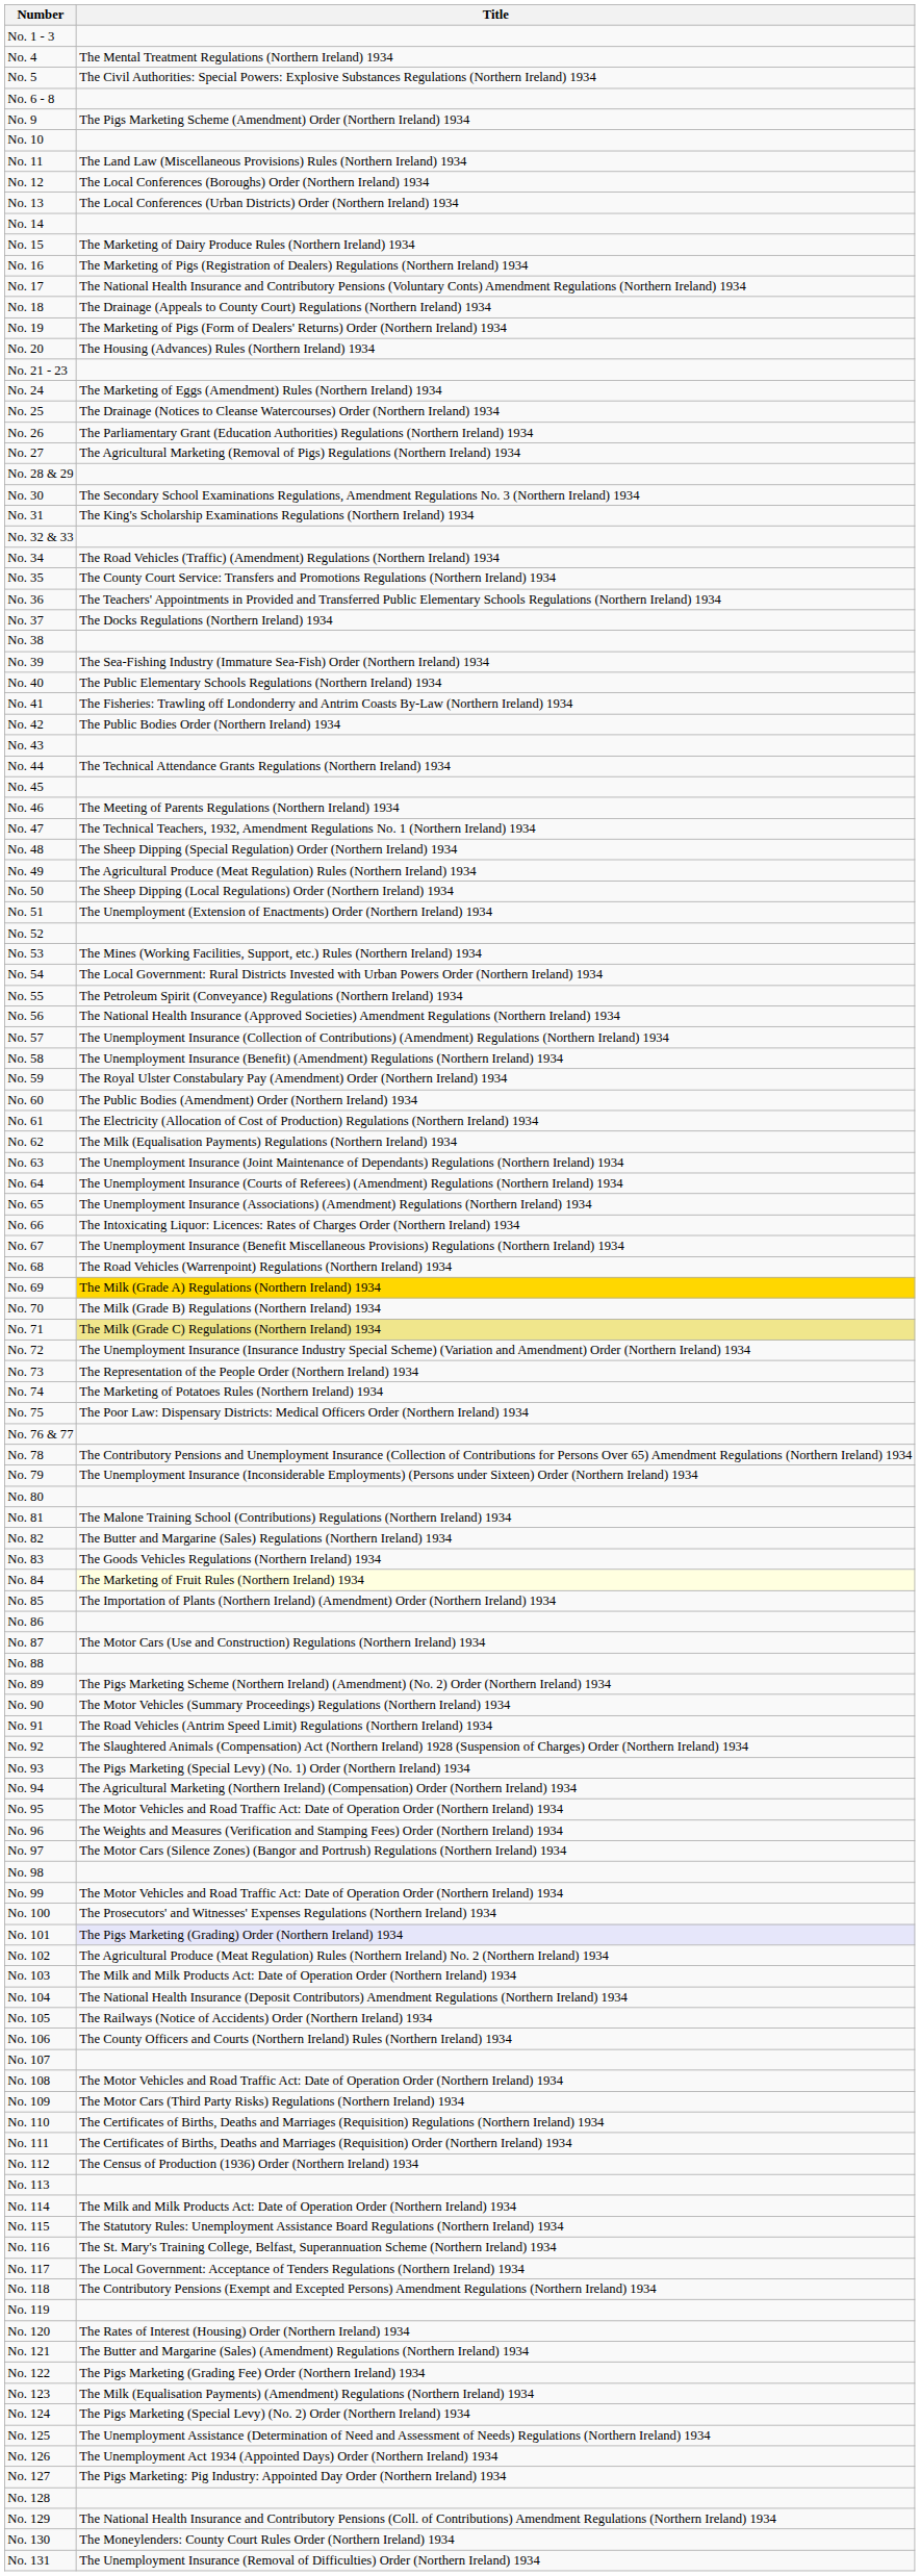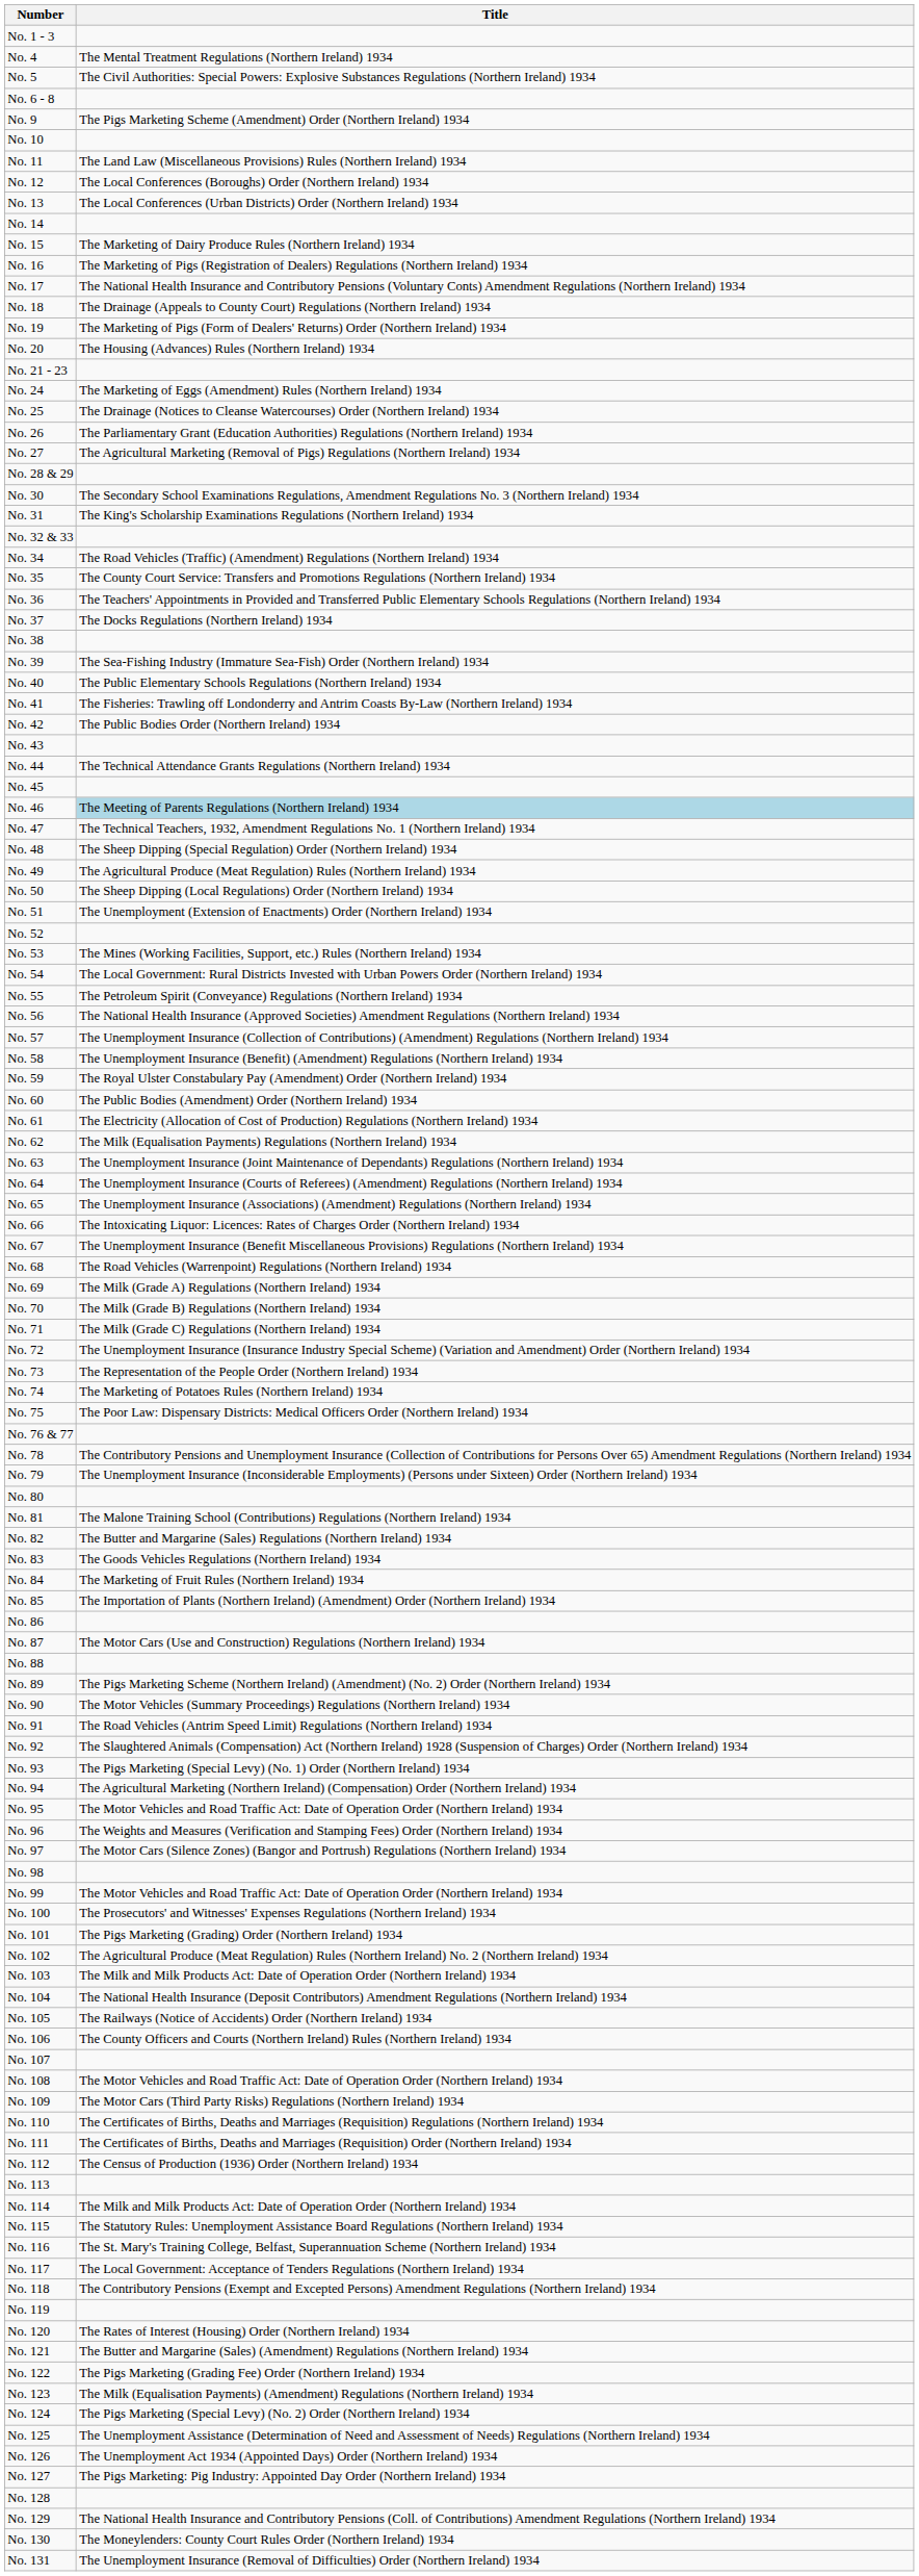 <table class="wikitable collapsible">
 <tr>
 <th>Number</th>
 <th>Title</th>
 </tr>
 <tr>
 <td>No. 1 - 3</td>
 <td></td>
 </tr>
 <tr>
 <td>No. 4</td>
 <td>The Mental Treatment Regulations (Northern Ireland) 1934</td>
 </tr>
 <tr>
 <td>No. 5</td>
 <td>The Civil Authorities: Special Powers: Explosive Substances Regulations (Northern Ireland) 1934</td>
 </tr>
 <tr>
 <td>No. 6 - 8</td>
 <td></td>
 </tr>
 <tr>
 <td>No. 9</td>
 <td>The Pigs Marketing Scheme (Amendment) Order (Northern Ireland) 1934</td>
 </tr>
 <tr>
 <td>No. 10</td>
 <td></td>
 </tr>
 <tr>
 <td>No. 11</td>
 <td>The Land Law (Miscellaneous Provisions) Rules (Northern Ireland) 1934</td>
 </tr>
 <tr>
 <td>No. 12</td>
 <td>The Local Conferences (Boroughs) Order (Northern Ireland) 1934</td>
 </tr>
 <tr>
 <td>No. 13</td>
 <td>The Local Conferences (Urban Districts) Order (Northern Ireland) 1934</td>
 </tr>
 <tr>
 <td>No. 14</td>
 <td></td>
 </tr>
 <tr>
 <td>No. 15</td>
 <td>The Marketing of Dairy Produce Rules (Northern Ireland) 1934</td>
 </tr>
 <tr>
 <td>No. 16</td>
 <td>The Marketing of Pigs (Registration of Dealers) Regulations (Northern Ireland) 1934</td>
 </tr>
 <tr>
 <td>No. 17</td>
 <td>The National Health Insurance and Contributory Pensions (Voluntary Conts) Amendment Regulations (Northern Ireland) 1934</td>
 </tr>
 <tr>
 <td>No. 18</td>
 <td>The Drainage (Appeals to County Court) Regulations (Northern Ireland) 1934</td>
 </tr>
 <tr>
 <td>No. 19</td>
 <td>The Marketing of Pigs (Form of Dealers' Returns) Order (Northern Ireland) 1934</td>
 </tr>
 <tr>
 <td>No. 20</td>
 <td>The Housing (Advances) Rules (Northern Ireland) 1934</td>
 </tr>
 <tr>
 <td>No. 21 - 23</td>
 <td></td>
 </tr>
 <tr>
 <td>No. 24</td>
 <td>The Marketing of Eggs (Amendment) Rules (Northern Ireland) 1934</td>
 </tr>
 <tr>
 <td>No. 25</td>
 <td>The Drainage (Notices to Cleanse Watercourses) Order (Northern Ireland) 1934</td>
 </tr>
 <tr>
 <td>No. 26</td>
 <td>The Parliamentary Grant (Education Authorities) Regulations (Northern Ireland) 1934</td>
 </tr>
 <tr>
 <td>No. 27</td>
 <td>The Agricultural Marketing (Removal of Pigs) Regulations (Northern Ireland) 1934</td>
 </tr>
 <tr>
 <td>No. 28 & 29</td>
 <td></td>
 </tr>
 <tr>
 <td>No. 30</td>
 <td>The Secondary School Examinations Regulations, Amendment Regulations No. 3 (Northern Ireland) 1934</td>
 </tr>
 <tr>
 <td>No. 31</td>
 <td>The King's Scholarship Examinations Regulations (Northern Ireland) 1934</td>
 </tr>
 <tr>
 <td>No. 32 & 33</td>
 <td></td>
 </tr>
 <tr>
 <td>No. 34</td>
 <td>The Road Vehicles (Traffic) (Amendment) Regulations (Northern Ireland) 1934</td>
 </tr>
 <tr>
 <td>No. 35</td>
 <td>The County Court Service: Transfers and Promotions Regulations (Northern Ireland) 1934</td>
 </tr>
 <tr>
 <td>No. 36</td>
 <td>The Teachers' Appointments in Provided and Transferred Public Elementary Schools Regulations (Northern Ireland) 1934</td>
 </tr>
 <tr>
 <td>No. 37</td>
 <td>The Docks Regulations (Northern Ireland) 1934</td>
 </tr>
 <tr>
 <td>No. 38</td>
 <td></td>
 </tr>
 <tr>
 <td>No. 39</td>
 <td>The Sea-Fishing Industry (Immature Sea-Fish) Order (Northern Ireland) 1934</td>
 </tr>
 <tr>
 <td>No. 40</td>
 <td>The Public Elementary Schools Regulations (Northern Ireland) 1934</td>
 </tr>
 <tr>
 <td>No. 41</td>
 <td>The Fisheries: Trawling off Londonderry and Antrim Coasts By-Law (Northern Ireland) 1934</td>
 </tr>
 <tr>
 <td>No. 42</td>
 <td>The Public Bodies Order (Northern Ireland) 1934</td>
 </tr>
 <tr>
 <td>No. 43</td>
 <td></td>
 </tr>
 <tr>
 <td>No. 44</td>
 <td>The Technical Attendance Grants Regulations (Northern Ireland) 1934</td>
 </tr>
 <tr>
 <td>No. 45</td>
 <td></td>
 </tr>
 <tr>
 <td>No. 46</td>
-<td>The Meeting of Parents Regulations (Northern Ireland) 1934</td>
+<td style="background: lightblue;">The Meeting of Parents Regulations (Northern Ireland) 1934</td>
 </tr>
 <tr>
 <td>No. 47</td>
 <td>The Technical Teachers, 1932, Amendment Regulations No. 1 (Northern Ireland) 1934</td>
 </tr>
 <tr>
 <td>No. 48</td>
 <td>The Sheep Dipping (Special Regulation) Order (Northern Ireland) 1934</td>
 </tr>
 <tr>
 <td>No. 49</td>
 <td>The Agricultural Produce (Meat Regulation) Rules (Northern Ireland) 1934</td>
 </tr>
 <tr>
 <td>No. 50</td>
 <td>The Sheep Dipping (Local Regulations) Order (Northern Ireland) 1934</td>
 </tr>
 <tr>
 <td>No. 51</td>
 <td>The Unemployment (Extension of Enactments) Order (Northern Ireland) 1934</td>
 </tr>
 <tr>
 <td>No. 52</td>
 <td></td>
 </tr>
 <tr>
 <td>No. 53</td>
 <td>The Mines (Working Facilities, Support, etc.) Rules (Northern Ireland) 1934</td>
 </tr>
 <tr>
 <td>No. 54</td>
 <td>The Local Government: Rural Districts Invested with Urban Powers Order (Northern Ireland) 1934</td>
 </tr>
 <tr>
 <td>No. 55</td>
 <td>The Petroleum Spirit (Conveyance) Regulations (Northern Ireland) 1934</td>
 </tr>
 <tr>
 <td>No. 56</td>
 <td>The National Health Insurance (Approved Societies) Amendment Regulations (Northern Ireland) 1934</td>
 </tr>
 <tr>
 <td>No. 57</td>
 <td>The Unemployment Insurance (Collection of Contributions) (Amendment) Regulations (Northern Ireland) 1934</td>
 </tr>
 <tr>
 <td>No. 58</td>
 <td>The Unemployment Insurance (Benefit) (Amendment) Regulations (Northern Ireland) 1934</td>
 </tr>
 <tr>
 <td>No. 59</td>
 <td>The Royal Ulster Constabulary Pay (Amendment) Order (Northern Ireland) 1934</td>
 </tr>
 <tr>
 <td>No. 60</td>
 <td>The Public Bodies (Amendment) Order (Northern Ireland) 1934</td>
 </tr>
 <tr>
 <td>No. 61</td>
 <td>The Electricity (Allocation of Cost of Production) Regulations (Northern Ireland) 1934</td>
 </tr>
 <tr>
 <td>No. 62</td>
 <td>The Milk (Equalisation Payments) Regulations (Northern Ireland) 1934</td>
 </tr>
 <tr>
 <td>No. 63</td>
 <td>The Unemployment Insurance (Joint Maintenance of Dependants) Regulations (Northern Ireland) 1934</td>
 </tr>
 <tr>
 <td>No. 64</td>
 <td>The Unemployment Insurance (Courts of Referees) (Amendment) Regulations (Northern Ireland) 1934</td>
 </tr>
 <tr>
 <td>No. 65</td>
 <td>The Unemployment Insurance (Associations) (Amendment) Regulations (Northern Ireland) 1934</td>
 </tr>
 <tr>
 <td>No. 66</td>
 <td>The Intoxicating Liquor: Licences: Rates of Charges Order (Northern Ireland) 1934</td>
 </tr>
 <tr>
 <td>No. 67</td>
 <td>The Unemployment Insurance (Benefit Miscellaneous Provisions) Regulations (Northern Ireland) 1934</td>
 </tr>
 <tr>
 <td>No. 68</td>
 <td>The Road Vehicles (Warrenpoint) Regulations (Northern Ireland) 1934</td>
 </tr>
 <tr>
 <td>No. 69</td>
-<td style="background: gold;">The Milk (Grade A) Regulations (Northern Ireland) 1934</td>
+<td>The Milk (Grade A) Regulations (Northern Ireland) 1934</td>
 </tr>
 <tr>
 <td>No. 70</td>
 <td>The Milk (Grade B) Regulations (Northern Ireland) 1934</td>
 </tr>
 <tr>
 <td>No. 71</td>
-<td style="background: khaki;">The Milk (Grade C) Regulations (Northern Ireland) 1934</td>
+<td>The Milk (Grade C) Regulations (Northern Ireland) 1934</td>
 </tr>
 <tr>
 <td>No. 72</td>
 <td>The Unemployment Insurance (Insurance Industry Special Scheme) (Variation and Amendment) Order (Northern Ireland) 1934</td>
 </tr>
 <tr>
 <td>No. 73</td>
 <td>The Representation of the People Order (Northern Ireland) 1934</td>
 </tr>
 <tr>
 <td>No. 74</td>
 <td>The Marketing of Potatoes Rules (Northern Ireland) 1934</td>
 </tr>
 <tr>
 <td>No. 75</td>
 <td>The Poor Law: Dispensary Districts: Medical Officers Order (Northern Ireland) 1934</td>
 </tr>
 <tr>
 <td>No. 76 & 77</td>
 <td></td>
 </tr>
 <tr>
 <td>No. 78</td>
 <td>The Contributory Pensions and Unemployment Insurance (Collection of Contributions for Persons Over 65) Amendment Regulations (Northern Ireland) 1934</td>
 </tr>
 <tr>
 <td>No. 79</td>
 <td>The Unemployment Insurance (Inconsiderable Employments) (Persons under Sixteen) Order (Northern Ireland) 1934</td>
 </tr>
 <tr>
 <td>No. 80</td>
 <td></td>
 </tr>
 <tr>
 <td>No. 81</td>
 <td>The Malone Training School (Contributions) Regulations (Northern Ireland) 1934</td>
 </tr>
 <tr>
 <td>No. 82</td>
 <td>The Butter and Margarine (Sales) Regulations (Northern Ireland) 1934</td>
 </tr>
 <tr>
 <td>No. 83</td>
 <td>The Goods Vehicles Regulations (Northern Ireland) 1934</td>
 </tr>
 <tr>
 <td>No. 84</td>
-<td style="background: lightyellow;">The Marketing of Fruit Rules (Northern Ireland) 1934</td>
+<td>The Marketing of Fruit Rules (Northern Ireland) 1934</td>
 </tr>
 <tr>
 <td>No. 85</td>
 <td>The Importation of Plants (Northern Ireland) (Amendment) Order (Northern Ireland) 1934</td>
 </tr>
 <tr>
 <td>No. 86</td>
 <td></td>
 </tr>
 <tr>
 <td>No. 87</td>
 <td>The Motor Cars (Use and Construction) Regulations (Northern Ireland) 1934</td>
 </tr>
 <tr>
 <td>No. 88</td>
 <td></td>
 </tr>
 <tr>
 <td>No. 89</td>
 <td>The Pigs Marketing Scheme (Northern Ireland) (Amendment) (No. 2) Order (Northern Ireland) 1934</td>
 </tr>
 <tr>
 <td>No. 90</td>
 <td>The Motor Vehicles (Summary Proceedings) Regulations (Northern Ireland) 1934</td>
 </tr>
 <tr>
 <td>No. 91</td>
 <td>The Road Vehicles (Antrim Speed Limit) Regulations (Northern Ireland) 1934</td>
 </tr>
 <tr>
 <td>No. 92</td>
 <td>The Slaughtered Animals (Compensation) Act (Northern Ireland) 1928 (Suspension of Charges) Order (Northern Ireland) 1934</td>
 </tr>
 <tr>
 <td>No. 93</td>
 <td>The Pigs Marketing (Special Levy) (No. 1) Order (Northern Ireland) 1934</td>
 </tr>
 <tr>
 <td>No. 94</td>
 <td>The Agricultural Marketing (Northern Ireland) (Compensation) Order (Northern Ireland) 1934</td>
 </tr>
 <tr>
 <td>No. 95</td>
 <td>The Motor Vehicles and Road Traffic Act: Date of Operation Order (Northern Ireland) 1934</td>
 </tr>
 <tr>
 <td>No. 96</td>
 <td>The Weights and Measures (Verification and Stamping Fees) Order (Northern Ireland) 1934</td>
 </tr>
 <tr>
 <td>No. 97</td>
 <td>The Motor Cars (Silence Zones) (Bangor and Portrush) Regulations (Northern Ireland) 1934</td>
 </tr>
 <tr>
 <td>No. 98</td>
 <td></td>
 </tr>
 <tr>
 <td>No. 99</td>
 <td>The Motor Vehicles and Road Traffic Act: Date of Operation Order (Northern Ireland) 1934</td>
 </tr>
 <tr>
 <td>No. 100</td>
 <td>The Prosecutors' and Witnesses' Expenses Regulations (Northern Ireland) 1934</td>
 </tr>
 <tr>
 <td>No. 101</td>
-<td style="background: lavender;">The Pigs Marketing (Grading) Order (Northern Ireland) 1934</td>
+<td>The Pigs Marketing (Grading) Order (Northern Ireland) 1934</td>
 </tr>
 <tr>
 <td>No. 102</td>
 <td>The Agricultural Produce (Meat Regulation) Rules (Northern Ireland) No. 2 (Northern Ireland) 1934</td>
 </tr>
 <tr>
 <td>No. 103</td>
 <td>The Milk and Milk Products Act: Date of Operation Order (Northern Ireland) 1934</td>
 </tr>
 <tr>
 <td>No. 104</td>
 <td>The National Health Insurance (Deposit Contributors) Amendment Regulations (Northern Ireland) 1934</td>
 </tr>
 <tr>
 <td>No. 105</td>
 <td>The Railways (Notice of Accidents) Order (Northern Ireland) 1934</td>
 </tr>
 <tr>
 <td>No. 106</td>
 <td>The County Officers and Courts (Northern Ireland) Rules (Northern Ireland) 1934</td>
 </tr>
 <tr>
 <td>No. 107</td>
 <td></td>
 </tr>
 <tr>
 <td>No. 108</td>
 <td>The Motor Vehicles and Road Traffic Act: Date of Operation Order (Northern Ireland) 1934</td>
 </tr>
 <tr>
 <td>No. 109</td>
 <td>The Motor Cars (Third Party Risks) Regulations (Northern Ireland) 1934</td>
 </tr>
 <tr>
 <td>No. 110</td>
 <td>The Certificates of Births, Deaths and Marriages (Requisition) Regulations (Northern Ireland) 1934</td>
 </tr>
 <tr>
 <td>No. 111</td>
 <td>The Certificates of Births, Deaths and Marriages (Requisition) Order (Northern Ireland) 1934</td>
 </tr>
 <tr>
 <td>No. 112</td>
 <td>The Census of Production (1936) Order (Northern Ireland) 1934</td>
 </tr>
 <tr>
 <td>No. 113</td>
 <td></td>
 </tr>
 <tr>
 <td>No. 114</td>
 <td>The Milk and Milk Products Act: Date of Operation Order (Northern Ireland) 1934</td>
 </tr>
 <tr>
 <td>No. 115</td>
 <td>The Statutory Rules: Unemployment Assistance Board Regulations (Northern Ireland) 1934</td>
 </tr>
 <tr>
 <td>No. 116</td>
 <td>The St. Mary's Training College, Belfast, Superannuation Scheme (Northern Ireland) 1934</td>
 </tr>
 <tr>
 <td>No. 117</td>
 <td>The Local Government: Acceptance of Tenders Regulations (Northern Ireland) 1934</td>
 </tr>
 <tr>
 <td>No. 118</td>
 <td>The Contributory Pensions (Exempt and Excepted Persons) Amendment Regulations (Northern Ireland) 1934</td>
 </tr>
 <tr>
 <td>No. 119</td>
 <td></td>
 </tr>
 <tr>
 <td>No. 120</td>
 <td>The Rates of Interest (Housing) Order (Northern Ireland) 1934</td>
 </tr>
 <tr>
 <td>No. 121</td>
 <td>The Butter and Margarine (Sales) (Amendment) Regulations (Northern Ireland) 1934</td>
 </tr>
 <tr>
 <td>No. 122</td>
 <td>The Pigs Marketing (Grading Fee) Order (Northern Ireland) 1934</td>
 </tr>
 <tr>
 <td>No. 123</td>
 <td>The Milk (Equalisation Payments) (Amendment) Regulations (Northern Ireland) 1934</td>
 </tr>
 <tr>
 <td>No. 124</td>
 <td>The Pigs Marketing (Special Levy) (No. 2) Order (Northern Ireland) 1934</td>
 </tr>
 <tr>
 <td>No. 125</td>
 <td>The Unemployment Assistance (Determination of Need and Assessment of Needs) Regulations (Northern Ireland) 1934</td>
 </tr>
 <tr>
 <td>No. 126</td>
 <td>The Unemployment Act 1934 (Appointed Days) Order (Northern Ireland) 1934</td>
 </tr>
 <tr>
 <td>No. 127</td>
 <td>The Pigs Marketing: Pig Industry: Appointed Day Order (Northern Ireland) 1934</td>
 </tr>
 <tr>
 <td>No. 128</td>
 <td></td>
 </tr>
 <tr>
 <td>No. 129</td>
 <td>The National Health Insurance and Contributory Pensions (Coll. of Contributions) Amendment Regulations (Northern Ireland) 1934</td>
 </tr>
 <tr>
 <td>No. 130</td>
 <td>The Moneylenders: County Court Rules Order (Northern Ireland) 1934</td>
 </tr>
 <tr>
 <td>No. 131</td>
 <td>The Unemployment Insurance (Removal of Difficulties) Order (Northern Ireland) 1934</td>
 </tr>
 </table>
